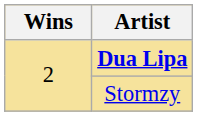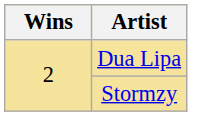 <table class="wikitable plainrowheaders" rowspan=2 border="2" cellpadding="4" style="text-align: center; background: #f6e39c">
 <tr>
 <th scope="col" style="width:55px;">Wins</th>
 <th scope="col" style="text-align:center;">Artist</th>
 </tr>
 <tr>
 <td scope=row rowspan="2" style="text-align:center">2</td>
-<td><strong><a href='#'>Dua Lipa</a></strong></td>
+<td><a href='#'>Dua Lipa</a></td>
 </tr>
 <tr>
 <td><a href='#'>Stormzy</a></td>
 </tr>
 </table>
